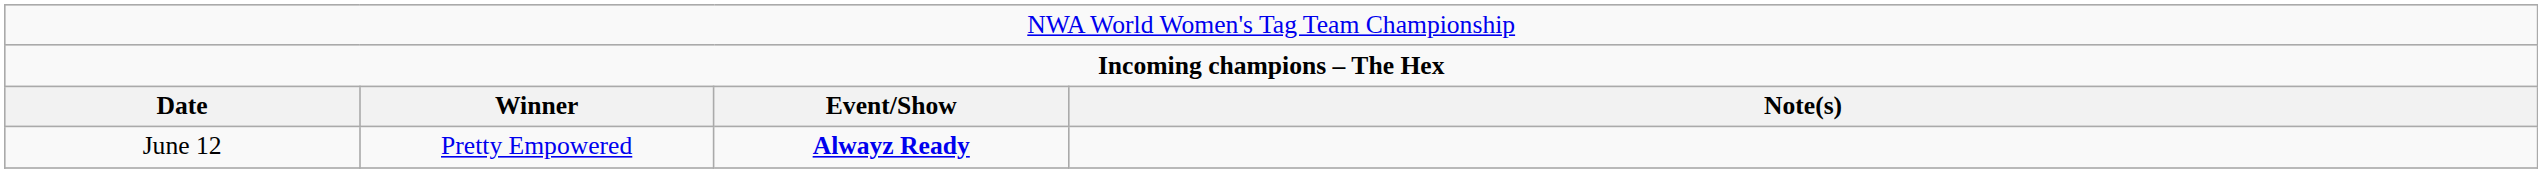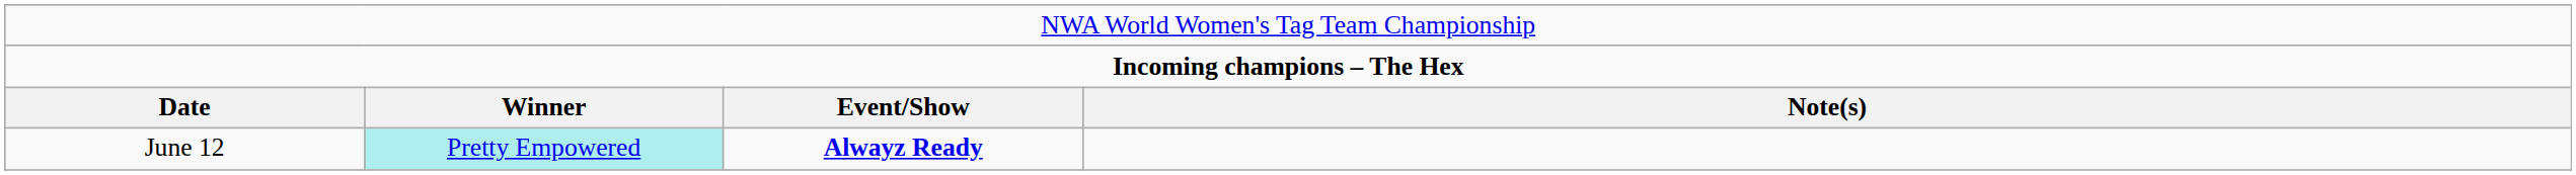 <table class="wikitable" style="text-align:center; width:100%;">
 <tr>
 <td colspan="4" style="text-align: center;"><a href='#'>NWA World Women's Tag Team Championship</a></td>
 </tr>
 <tr>
 <td colspan="4" style="text-align: center;"><strong>Incoming champions – The Hex </strong></td>
 </tr>
 <tr>
 <th width=14%>Date</th>
 <th width=14%>Winner</th>
 <th width=14%>Event/Show</th>
 <th width=58%>Note(s)</th>
 </tr>
 <tr>
 <td>June 12</td>
-<td><a href='#'>Pretty Empowered</a><br></td>
+<td style="background: paleturquoise;"><a href='#'>Pretty Empowered</a><br></td>
 <td><strong><a href='#'>Alwayz Ready</a></strong></td>
 <td></td>
 </tr>
 </table>
